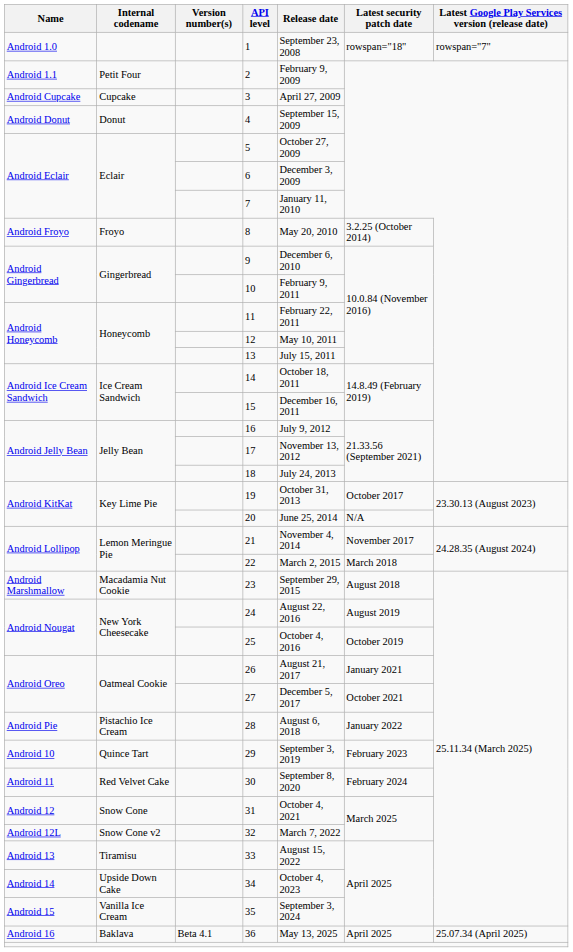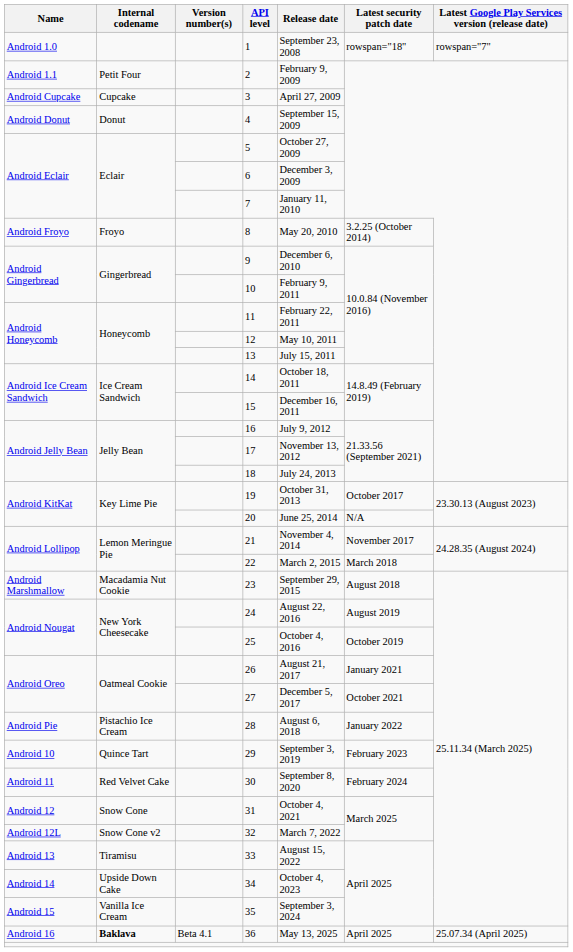 <table class="wikitable">
 <tr>
 <th>Name</th>
 <th>Internal codename</th>
 <th>Version number(s)</th>
 <th><a href='#'>API</a> level</th>
 <th>Release date</th>
 <th>Latest security patch date</th>
 <th>Latest <a href='#'>Google Play Services</a> version (release date)</th>
 </tr>
 <tr>
 <td><a href='#'>Android 1.0</a></td>
 <td></td>
 <td></td>
 <td>1</td>
 <td>September 23, 2008</td>
 <td>rowspan="18" </td>
 <td>rowspan="7" </td>
 </tr>
 <tr>
 <td><a href='#'>Android 1.1</a></td>
 <td>Petit Four</td>
 <td></td>
 <td>2</td>
 <td>February 9, 2009</td>
 </tr>
 <tr>
 <td><a href='#'>Android Cupcake</a></td>
 <td>Cupcake</td>
 <td></td>
 <td>3</td>
 <td>April 27, 2009</td>
 </tr>
 <tr>
 <td><a href='#'>Android Donut</a></td>
 <td>Donut</td>
 <td></td>
 <td>4</td>
 <td>September 15, 2009</td>
 </tr>
 <tr>
 <td rowspan="3"><a href='#'>Android Eclair</a></td>
 <td rowspan="3">Eclair</td>
 <td></td>
 <td>5</td>
 <td>October 27, 2009</td>
 </tr>
 <tr>
 <td></td>
 <td>6</td>
 <td>December 3, 2009</td>
 </tr>
 <tr>
 <td></td>
 <td>7</td>
 <td>January 11, 2010</td>
 </tr>
 <tr>
 <td><a href='#'>Android Froyo</a></td>
 <td>Froyo</td>
 <td></td>
 <td>8</td>
 <td>May 20, 2010</td>
 <td>3.2.25 (October 2014)</td>
 </tr>
 <tr>
 <td rowspan="2"><a href='#'>Android Gingerbread</a></td>
 <td rowspan="2">Gingerbread</td>
 <td></td>
 <td>9</td>
 <td>December 6, 2010</td>
 <td rowspan="5">10.0.84 (November 2016)</td>
 </tr>
 <tr>
 <td></td>
 <td>10</td>
 <td>February 9, 2011</td>
 </tr>
 <tr>
 <td rowspan="3"><a href='#'>Android Honeycomb</a></td>
 <td rowspan="3">Honeycomb</td>
 <td></td>
 <td>11</td>
 <td>February 22, 2011</td>
 </tr>
 <tr>
 <td></td>
 <td>12</td>
 <td>May 10, 2011</td>
 </tr>
 <tr>
 <td></td>
 <td>13</td>
 <td>July 15, 2011</td>
 </tr>
 <tr>
 <td rowspan="2"><a href='#'>Android Ice Cream Sandwich</a></td>
 <td rowspan="2">Ice Cream Sandwich</td>
 <td></td>
 <td>14</td>
 <td>October 18, 2011</td>
 <td rowspan="2">14.8.49 (February 2019)</td>
 </tr>
 <tr>
 <td></td>
 <td>15</td>
 <td>December 16, 2011</td>
 </tr>
 <tr>
 <td rowspan="3"><a href='#'>Android Jelly Bean</a></td>
 <td rowspan="3">Jelly Bean</td>
 <td></td>
 <td>16</td>
 <td>July 9, 2012</td>
 <td rowspan="3">21.33.56 (September 2021)</td>
 </tr>
 <tr>
 <td></td>
 <td>17</td>
 <td>November 13, 2012</td>
 </tr>
 <tr>
 <td></td>
 <td>18</td>
 <td>July 24, 2013</td>
 </tr>
 <tr>
 <td rowspan="2"><a href='#'>Android KitKat</a></td>
 <td rowspan="2">Key Lime Pie</td>
 <td></td>
 <td>19</td>
 <td>October 31, 2013</td>
 <td>October 2017</td>
 <td rowspan="2">23.30.13 (August 2023)</td>
 </tr>
 <tr>
 <td></td>
 <td>20</td>
 <td>June 25, 2014</td>
 <td>N/A</td>
 </tr>
 <tr>
 <td rowspan="2"><a href='#'>Android Lollipop</a></td>
 <td rowspan="2">Lemon Meringue Pie</td>
 <td></td>
 <td>21</td>
 <td>November 4, 2014</td>
 <td>November 2017</td>
 <td rowspan="2">24.28.35 (August 2024)</td>
 </tr>
 <tr>
 <td></td>
 <td>22</td>
 <td>March 2, 2015</td>
 <td>March 2018</td>
 </tr>
 <tr>
 <td><a href='#'>Android Marshmallow</a></td>
 <td>Macadamia Nut Cookie</td>
 <td></td>
 <td>23</td>
 <td>September 29, 2015</td>
 <td>August 2018</td>
 <td rowspan="13">25.11.34 (March 2025)</td>
 </tr>
 <tr>
 <td rowspan="2"><a href='#'>Android Nougat</a></td>
 <td rowspan="2">New York Cheesecake</td>
 <td></td>
 <td>24</td>
 <td>August 22, 2016</td>
 <td>August 2019</td>
 </tr>
 <tr>
 <td></td>
 <td>25</td>
 <td>October 4, 2016</td>
 <td>October 2019</td>
 </tr>
 <tr>
 <td rowspan="2"><a href='#'>Android Oreo</a></td>
 <td rowspan="2">Oatmeal Cookie</td>
 <td></td>
 <td>26</td>
 <td>August 21, 2017</td>
 <td>January 2021</td>
 </tr>
 <tr>
 <td></td>
 <td>27</td>
 <td>December 5, 2017</td>
 <td>October 2021</td>
 </tr>
 <tr>
 <td><a href='#'>Android Pie</a></td>
 <td>Pistachio Ice Cream</td>
 <td></td>
 <td>28</td>
 <td>August 6, 2018</td>
 <td>January 2022</td>
 </tr>
 <tr>
 <td><a href='#'>Android 10</a></td>
 <td>Quince Tart</td>
 <td></td>
 <td>29</td>
 <td>September 3, 2019</td>
 <td>February 2023</td>
 </tr>
 <tr>
 <td><a href='#'>Android 11</a></td>
 <td>Red Velvet Cake</td>
 <td></td>
 <td>30</td>
 <td>September 8, 2020</td>
 <td>February 2024</td>
 </tr>
 <tr>
 <td><a href='#'>Android 12</a></td>
 <td>Snow Cone</td>
 <td></td>
 <td>31</td>
 <td>October 4, 2021</td>
 <td rowspan="2">March 2025</td>
 </tr>
 <tr>
 <td><a href='#'>Android 12L</a></td>
 <td>Snow Cone v2</td>
 <td></td>
 <td>32</td>
 <td>March 7, 2022</td>
 </tr>
 <tr>
 <td><a href='#'>Android 13</a></td>
 <td>Tiramisu</td>
 <td></td>
 <td>33</td>
 <td>August 15, 2022</td>
 <td rowspan="3">April 2025</td>
 </tr>
 <tr>
 <td><a href='#'>Android 14</a></td>
 <td>Upside Down Cake</td>
 <td></td>
 <td>34</td>
 <td>October 4, 2023</td>
 </tr>
 <tr>
 <td><a href='#'>Android 15</a></td>
 <td>Vanilla Ice Cream</td>
 <td></td>
 <td>35</td>
 <td>September 3, 2024</td>
 </tr>
 <tr>
 <td><a href='#'>Android 16</a></td>
-<td>Baklava</td>
+<td><strong>Baklava</strong></td>
 <td> Beta 4.1</td>
 <td>36</td>
 <td>May 13, 2025</td>
 <td>April 2025</td>
 <td>25.07.34 (April 2025)</td>
 </tr>
 <tr>
 <td colspan="7"></td>
 </tr>
 </table>
